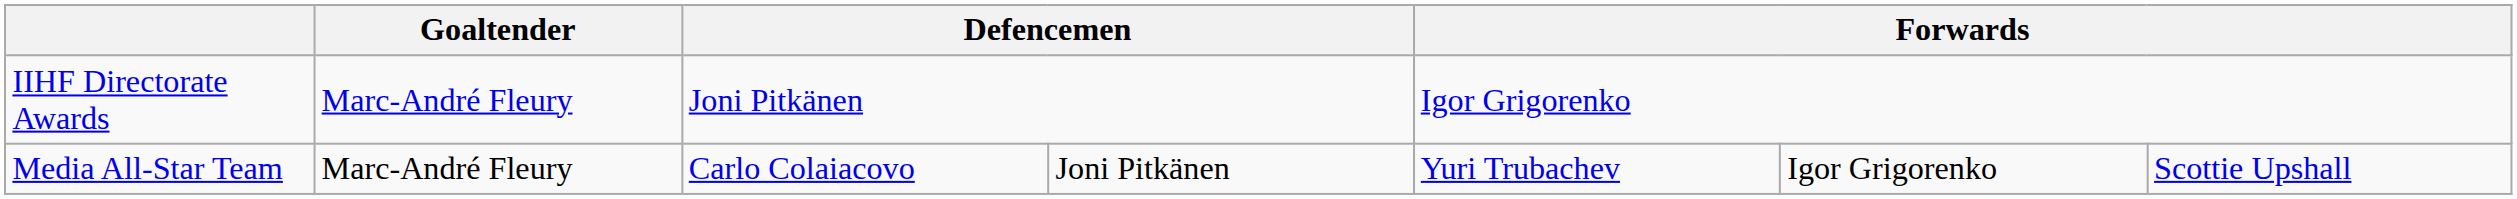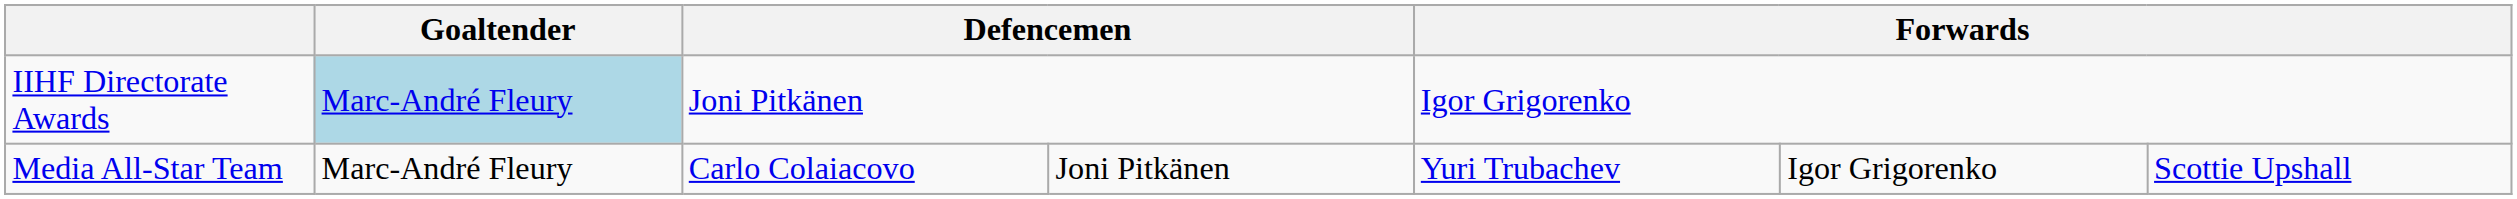 <table class="wikitable">
 <tr>
 <th width=150></th>
 <th width=180>Goaltender</th>
 <th colspan=2>Defencemen</th>
 <th colspan=3>Forwards</th>
 </tr>
 <tr>
 <td><a href='#'>IIHF Directorate Awards</a></td>
-<td> <a href='#'>Marc-André Fleury</a></td>
+<td style="background: lightblue;"> <a href='#'>Marc-André Fleury</a></td>
 <td colspan=2> <a href='#'>Joni Pitkänen</a></td>
 <td colspan=3> <a href='#'>Igor Grigorenko</a></td>
 </tr>
 <tr>
 <td><a href='#'>Media All-Star Team</a></td>
 <td> Marc-André Fleury</td>
 <td width=180> <a href='#'>Carlo Colaiacovo</a></td>
 <td width=180> Joni Pitkänen</td>
 <td width=180> <a href='#'>Yuri Trubachev</a></td>
 <td width=180> Igor Grigorenko</td>
 <td width=180> <a href='#'>Scottie Upshall</a></td>
 </tr>
 </table>
